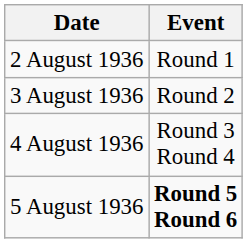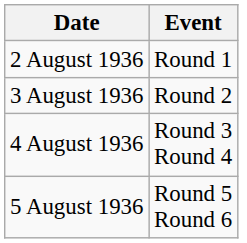 <table class = "wikitable" style="text-align:center;">
 <tr>
 <th>Date</th>
 <th>Event</th>
 </tr>
 <tr>
 <td>2 August 1936</td>
 <td>Round 1</td>
 </tr>
 <tr>
 <td>3 August 1936</td>
 <td>Round 2</td>
 </tr>
 <tr>
 <td>4 August 1936</td>
 <td>Round 3<br>Round 4</td>
 </tr>
 <tr>
 <td>5 August 1936</td>
-<td><strong>Round 5<br>Round 6</strong></td>
+<td>Round 5<br>Round 6</td>
 </tr>
 </table>
